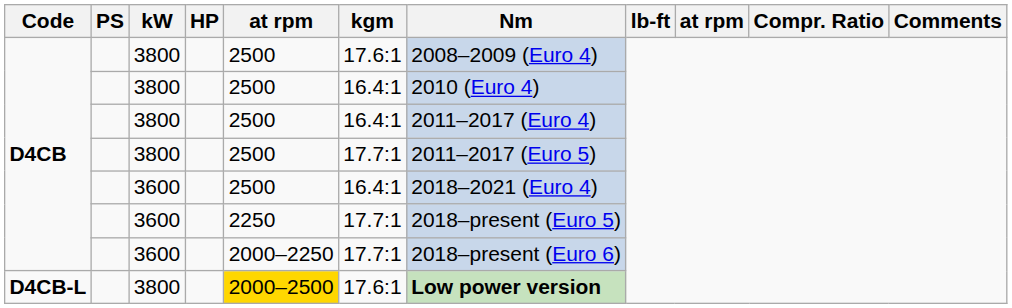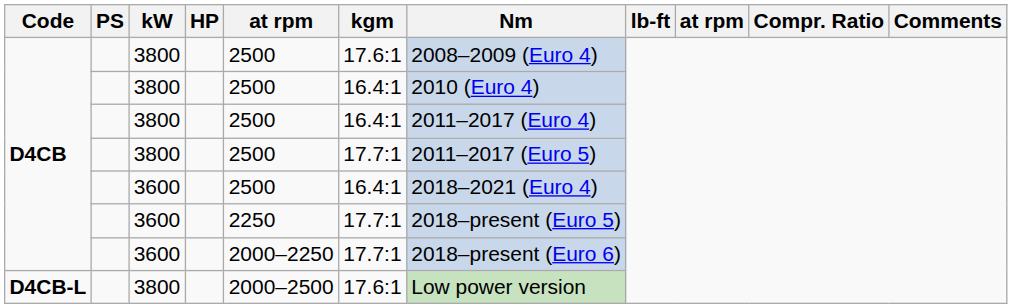 <table class="wikitable">
 <tr>
 <th>Code</th>
 <th>PS</th>
 <th>kW</th>
 <th>HP</th>
 <th>at rpm</th>
 <th>kgm</th>
 <th>Nm</th>
 <th>lb-ft</th>
 <th>at rpm</th>
 <th>Compr. Ratio</th>
 <th>Comments</th>
 </tr>
 <tr>
 <td rowspan="7"><strong>D4CB</strong></td>
 <td></td>
 <td>3800</td>
 <td></td>
 <td>2500</td>
 <td>17.6:1</td>
 <td style="background-color:#C8D7EA">2008–2009 (<a href='#'>Euro 4</a>)</td>
 </tr>
 <tr>
 <td></td>
 <td>3800</td>
 <td></td>
 <td>2500</td>
 <td>16.4:1</td>
 <td style="background-color:#C8D7EA">2010 (<a href='#'>Euro 4</a>)</td>
 </tr>
 <tr>
 <td></td>
 <td>3800</td>
 <td></td>
 <td>2500</td>
 <td>16.4:1</td>
 <td style="background-color:#C8D7EA">2011–2017 (<a href='#'>Euro 4</a>)</td>
 </tr>
 <tr>
 <td></td>
 <td>3800</td>
 <td></td>
 <td>2500</td>
 <td>17.7:1</td>
 <td style="background-color:#C8D7EA">2011–2017 (<a href='#'>Euro 5</a>)</td>
 </tr>
 <tr>
 <td></td>
 <td>3600</td>
 <td></td>
 <td>2500</td>
 <td>16.4:1</td>
 <td style="background-color:#C8D7EA">2018–2021 (<a href='#'>Euro 4</a>)</td>
 </tr>
 <tr>
 <td></td>
 <td>3600</td>
 <td></td>
 <td>2250</td>
 <td>17.7:1</td>
 <td style="background-color:#C8D7EA">2018–present (<a href='#'>Euro 5</a>)</td>
 </tr>
 <tr>
 <td></td>
 <td>3600</td>
 <td></td>
 <td>2000–2250</td>
 <td>17.7:1</td>
 <td style="background-color:#C8D7EA">2018–present (<a href='#'>Euro 6</a>)</td>
 </tr>
 <tr>
 <td><strong>D4CB-L</strong></td>
 <td></td>
 <td>3800</td>
 <td></td>
-<td style="background: gold;">2000–2500</td>
+<td>2000–2500</td>
 <td rowspan="2">17.6:1</td>
-<td style="background-color:#C6E2BE"><strong>Low power version</strong></td>
+<td style="background-color:#C6E2BE">Low power version</td>
 </tr>
 </table>
